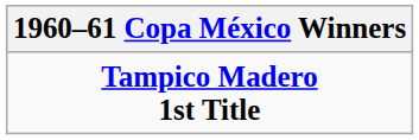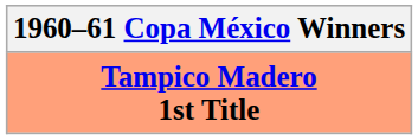 <table class="wikitable" style="text-align: center; margin: 0 auto;">
 <tr>
 <th>1960–61 <a href='#'>Copa México</a> Winners</th>
 </tr>
 <tr>
-<td><strong><a href='#'>Tampico Madero</a></strong><br><strong>1st Title</strong></td>
+<td style="background: lightsalmon;"><strong><a href='#'>Tampico Madero</a></strong><br><strong>1st Title</strong></td>
 </tr>
 </table>
